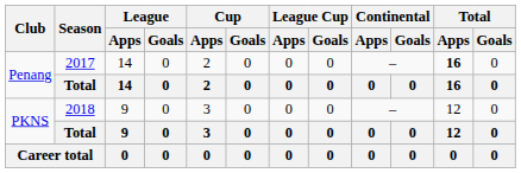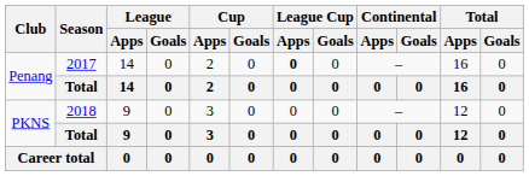 <table class="wikitable" style="text-align: center;">
 <tr>
 <th rowspan="2">Club</th>
 <th rowspan="2">Season</th>
 <th colspan="2">League</th>
 <th colspan="2">Cup</th>
 <th colspan="2">League Cup</th>
 <th colspan="2">Continental</th>
 <th colspan="2">Total</th>
 </tr>
 <tr>
 <th>Apps</th>
 <th>Goals</th>
 <th>Apps</th>
 <th>Goals</th>
 <th>Apps</th>
 <th>Goals</th>
 <th>Apps</th>
 <th>Goals</th>
 <th>Apps</th>
 <th>Goals</th>
 </tr>
 <tr>
 <td rowspan="2" valign="center"><a href='#'>Penang</a></td>
 <td><a href='#'>2017</a></td>
 <td>14</td>
 <td>0</td>
 <td>2</td>
 <td>0</td>
-<td>0</td>
+<td><strong>0</strong></td>
 <td>0</td>
 <td colspan="2">–</td>
-<td><strong>16</strong></td>
+<td>16</td>
 <td>0</td>
 </tr>
 <tr>
 <th>Total</th>
 <th>14</th>
 <th>0</th>
 <th>2</th>
 <th>0</th>
 <th>0</th>
 <th>0</th>
 <th>0</th>
 <th>0</th>
 <th>16</th>
 <th>0</th>
 </tr>
 <tr>
 <td rowspan="2" valign="center"><a href='#'>PKNS</a></td>
 <td><a href='#'>2018</a></td>
 <td>9</td>
 <td>0</td>
 <td>3</td>
 <td>0</td>
 <td>0</td>
 <td>0</td>
 <td colspan="2">–</td>
 <td>12</td>
 <td>0</td>
 </tr>
 <tr>
 <th>Total</th>
 <th>9</th>
 <th>0</th>
 <th>3</th>
 <th>0</th>
 <th>0</th>
 <th>0</th>
 <th>0</th>
 <th>0</th>
 <th>12</th>
 <th>0</th>
 </tr>
 <tr>
 <th colspan="2">Career total</th>
 <th>0</th>
 <th>0</th>
 <th>0</th>
 <th>0</th>
 <th>0</th>
 <th>0</th>
 <th>0</th>
 <th>0</th>
 <th>0</th>
 <th>0</th>
 </tr>
 </table>
